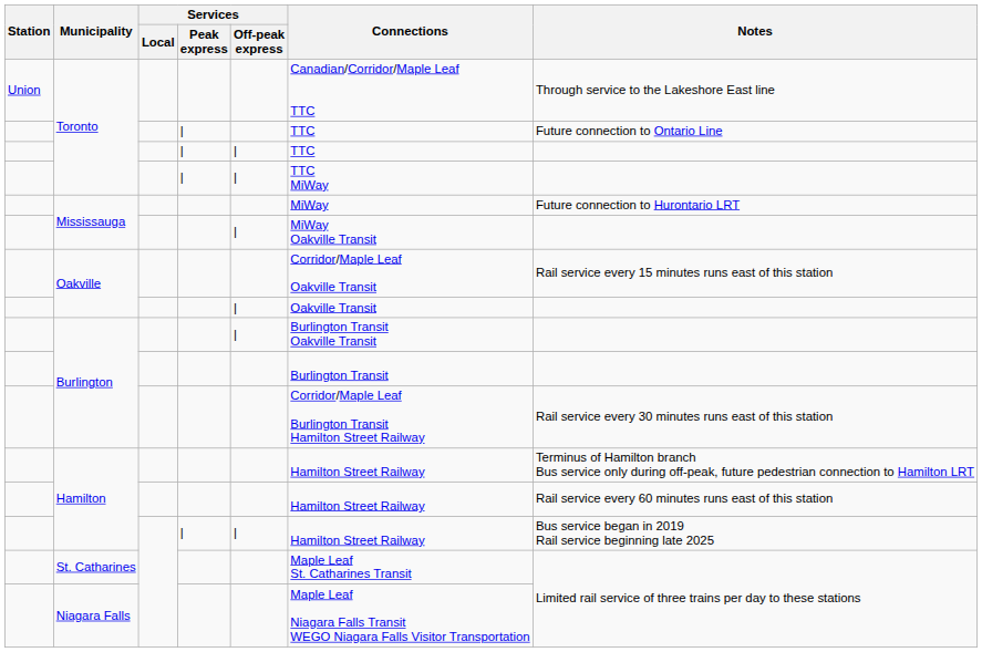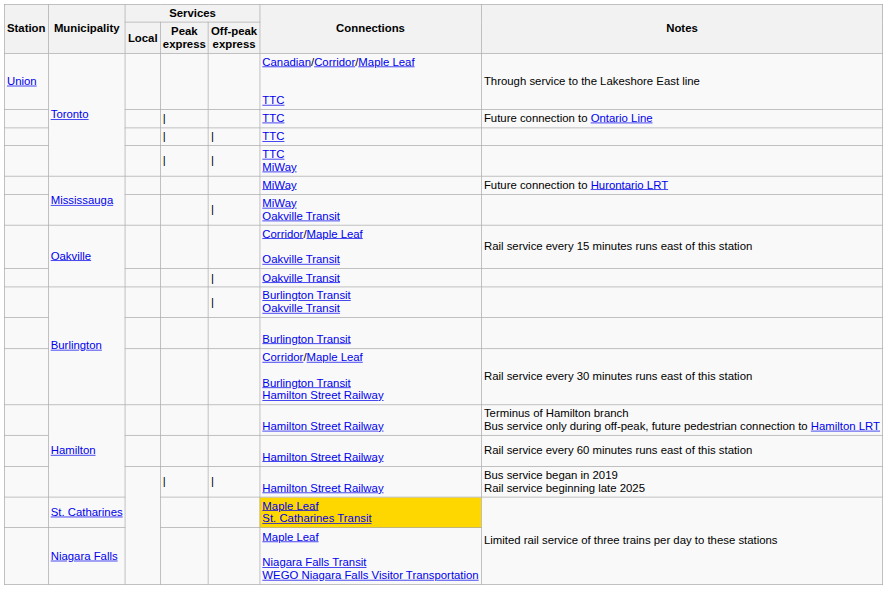 <table class="wikitable">
 <tr>
 <th rowspan="2">Station</th>
 <th rowspan="2">Municipality</th>
 <th colspan="3">Services</th>
 <th rowspan="2">Connections</th>
 <th rowspan="2">Notes</th>
 </tr>
 <tr>
 <th>Local</th>
 <th>Peak<br>express</th>
 <th>Off-peak<br>express</th>
 </tr>
 <tr>
 <td><a href='#'>Union</a></td>
 <td rowspan="4"><a href='#'>Toronto</a></td>
 <td style="background:#"><span></span></td>
 <td style="background:#"><span></span></td>
 <td style="background:#"><span></span></td>
 <td> <a href='#'>Canadian</a>/<a href='#'>Corridor</a>/<a href='#'>Maple Leaf</a><br>      <br><br>   <a href='#'>TTC</a></td>
 <td>Through service to the Lakeshore East line</td>
 </tr>
 <tr>
 <td></td>
 <td style="background:#"><span></span></td>
 <td style="background:#"><span>|</span></td>
 <td style="background:#"><span></span></td>
 <td>  <a href='#'>TTC</a></td>
 <td>Future connection to <a href='#'>Ontario Line</a></td>
 </tr>
 <tr>
 <td></td>
 <td style="background:#"><span></span></td>
 <td style="background:#"><span>|</span></td>
 <td style="background:#"><span>|</span></td>
 <td> <a href='#'>TTC</a></td>
 <td></td>
 </tr>
 <tr>
 <td></td>
 <td style="background:#"><span></span></td>
 <td style="background:#"><span>|</span></td>
 <td style="background:#"><span>|</span></td>
 <td>  <a href='#'>TTC</a><br> <a href='#'>MiWay</a></td>
 <td></td>
 </tr>
 <tr>
 <td></td>
 <td rowspan="2"><a href='#'>Mississauga</a></td>
 <td style="background:#"><span></span></td>
 <td style="background:#"><span></span></td>
 <td style="background:#"><span></span></td>
 <td> <a href='#'>MiWay</a></td>
 <td>Future connection to <a href='#'>Hurontario LRT</a></td>
 </tr>
 <tr>
 <td></td>
 <td style="background:#"><span></span></td>
 <td style="background:#"><span></span></td>
 <td style="background:#"><span>|</span></td>
 <td> <a href='#'>MiWay</a><br> <a href='#'>Oakville Transit</a></td>
 <td></td>
 </tr>
 <tr>
 <td></td>
 <td rowspan=2><a href='#'>Oakville</a></td>
 <td style="background:#"><span></span></td>
 <td style="background:#"><span></span></td>
 <td style="background:#"><span></span></td>
 <td> <a href='#'>Corridor</a>/<a href='#'>Maple Leaf</a><br> <br> <a href='#'>Oakville Transit</a></td>
 <td>Rail service every 15 minutes runs east of this station</td>
 </tr>
 <tr>
 <td></td>
 <td style="background:#"><span></span></td>
 <td style="background:#"><span></span></td>
 <td style="background:#"><span>|</span></td>
 <td> <a href='#'>Oakville Transit</a></td>
 <td></td>
 </tr>
 <tr>
 <td></td>
 <td rowspan=3><a href='#'>Burlington</a></td>
 <td style="background:#"><span></span></td>
 <td style="background:#"><span></span></td>
 <td style="background:#"><span>|</span></td>
 <td> <a href='#'>Burlington Transit</a><br> <a href='#'>Oakville Transit</a></td>
 <td></td>
 </tr>
 <tr>
 <td></td>
 <td style="background:#"><span></span></td>
 <td style="background:#"><span></span></td>
 <td style="background:#"><span></span></td>
 <td> <br> <a href='#'>Burlington Transit</a></td>
 <td></td>
 </tr>
 <tr>
 <td></td>
 <td style="background:#"><span></span></td>
 <td style="background:#"><span></span></td>
 <td style="background:#"><span></span></td>
 <td> <a href='#'>Corridor</a>/<a href='#'>Maple Leaf</a><br> <br> <a href='#'>Burlington Transit</a><br> <a href='#'>Hamilton Street Railway</a></td>
 <td>Rail service every 30 minutes runs east of this station</td>
 </tr>
 <tr>
 <td></td>
 <td rowspan=3><a href='#'>Hamilton</a></td>
 <td style="background:#"></td>
 <td style="background:#"><span></span></td>
 <td style="background:#"></td>
 <td> <br> <a href='#'>Hamilton Street Railway</a></td>
 <td>Terminus of Hamilton branch<br>Bus service only during off-peak, future pedestrian connection to <a href='#'>Hamilton LRT</a></td>
 </tr>
 <tr>
 <td></td>
 <td style="background:#"><span></span></td>
 <td style="background:#"><span></span></td>
 <td style="background:#"><span></span></td>
 <td> <br> <a href='#'>Hamilton Street Railway</a></td>
 <td>Rail service every 60 minutes runs east of this station</td>
 </tr>
 <tr>
 <td><em></em></td>
 <td rowspan="3"></td>
 <td style="background:#"><span>|</span></td>
 <td style="background:#"><span>|</span></td>
 <td><br> <a href='#'>Hamilton Street Railway</a></td>
 <td>Bus service began in 2019<br>Rail service beginning late 2025</td>
 </tr>
 <tr>
 <td></td>
 <td><a href='#'>St. Catharines</a></td>
 <td style="background:#"><span></span></td>
 <td style="background:#"><span></span></td>
-<td> <a href='#'>Maple Leaf</a><br>  <a href='#'>St. Catharines Transit</a></td>
+<td style="background: gold;"> <a href='#'>Maple Leaf</a><br>  <a href='#'>St. Catharines Transit</a></td>
 <td rowspan="2">Limited rail service of three trains per day to these stations</td>
 </tr>
 <tr>
 <td></td>
 <td><a href='#'>Niagara Falls</a></td>
 <td style="background:#"><span></span></td>
 <td style="background:#"><span></span></td>
 <td> <a href='#'>Maple Leaf</a><br> <br> <a href='#'>Niagara Falls Transit</a><br> <a href='#'>WEGO Niagara Falls Visitor Transportation</a></td>
 </tr>
 </table>
